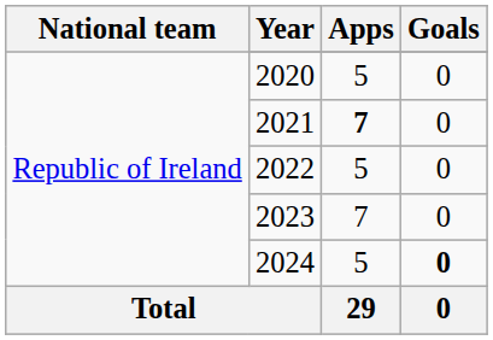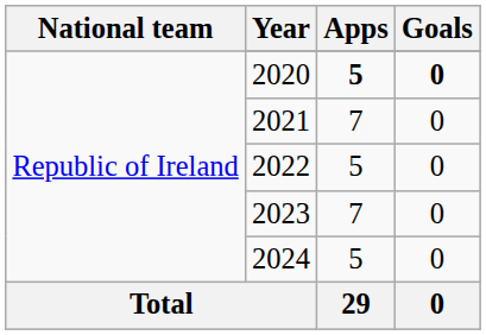 <table class=wikitable style=text-align:center>
 <tr>
 <th>National team</th>
 <th>Year</th>
 <th>Apps</th>
 <th>Goals</th>
 </tr>
 <tr>
 <td rowspan="6"><a href='#'>Republic of Ireland</a></td>
 </tr>
 <tr>
 <td>2020</td>
-<td>5</td>
-<td>0</td>
+<td><strong>5</strong></td>
+<td><strong>0</strong></td>
 </tr>
 <tr>
 <td>2021</td>
-<td><strong>7</strong></td>
+<td>7</td>
 <td>0</td>
 </tr>
 <tr>
 <td>2022</td>
 <td>5</td>
 <td>0</td>
 </tr>
 <tr>
 <td>2023</td>
 <td>7</td>
 <td>0</td>
 </tr>
 <tr>
 <td>2024</td>
 <td>5</td>
-<td><strong>0</strong></td>
+<td>0</td>
 </tr>
 <tr>
 <th colspan="2">Total</th>
 <th>29</th>
 <th>0</th>
 </tr>
 </table>
